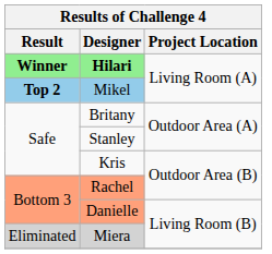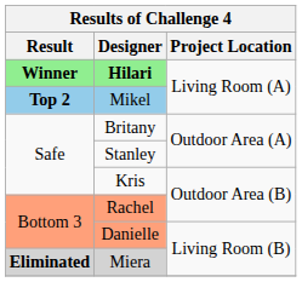 <table class="wikitable" style="text-align:center">
 <tr>
 <th colspan="3">Results of Challenge 4</th>
 </tr>
 <tr>
 <th>Result</th>
 <th>Designer</th>
 <th>Project Location</th>
 </tr>
 <tr>
 <td bgcolor="lightgreen"><strong>Winner</strong></td>
 <td bgcolor="lightgreen"><strong>Hilari</strong></td>
 <td rowspan="2">Living Room (A)</td>
 </tr>
 <tr>
 <td bgcolor="#93CCEA"><strong>Top 2</strong></td>
 <td bgcolor="#93CCEA">Mikel</td>
 </tr>
 <tr>
 <td rowspan="3">Safe</td>
 <td>Britany</td>
 <td rowspan="2">Outdoor Area (A)</td>
 </tr>
 <tr>
 <td>Stanley</td>
 </tr>
 <tr>
 <td>Kris</td>
 <td rowspan="2">Outdoor Area (B)</td>
 </tr>
 <tr>
 <td bgcolor="#FFA07A" rowspan="2">Bottom 3</td>
 <td bgcolor="#FFA07A">Rachel</td>
 </tr>
 <tr>
 <td bgcolor="#FFA07A">Danielle</td>
 <td rowspan="2">Living Room (B)</td>
 </tr>
 <tr>
-<td bgcolor="lightgrey">Eliminated</td>
+<td bgcolor="lightgrey"><strong>Eliminated</strong></td>
 <td bgcolor="lightgrey">Miera</td>
 </tr>
 <tr>
 </tr>
 </table>
